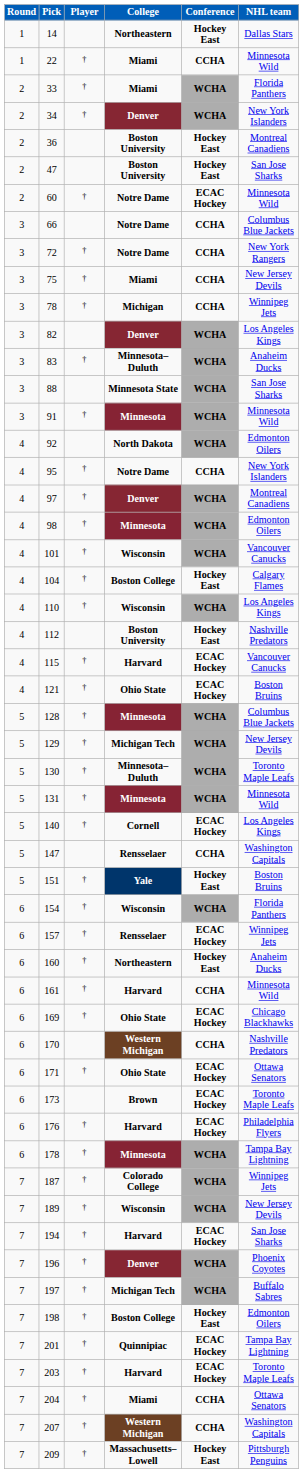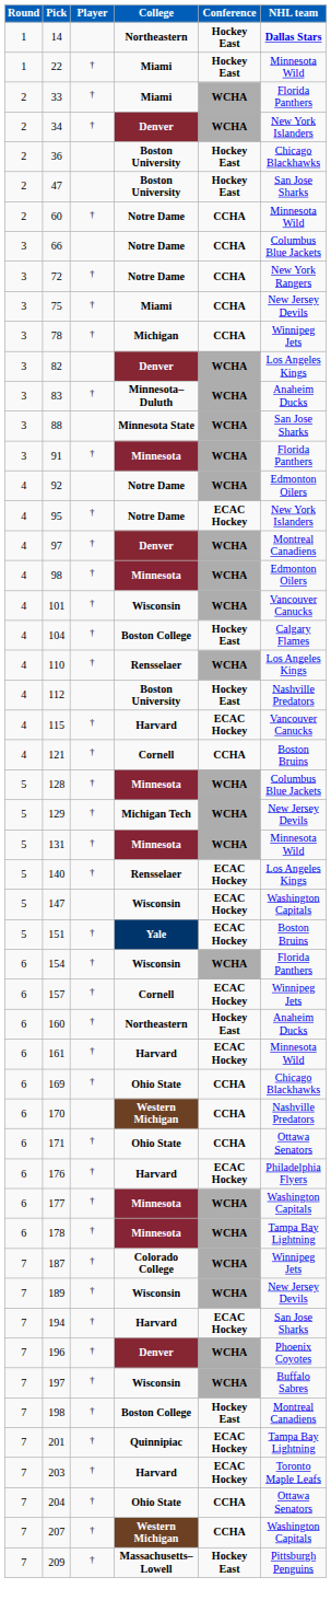 <table class="wikitable sortable" width="75%">
 <tr>
 <th style="color:white; background-color:#005EB8; width: 4em;">Round</th>
 <th style="color:white; background-color:#005EB8; width: 4em;">Pick</th>
 <th style="color:white; background-color:#005EB8; width: 12em;">Player</th>
 <th style="color:white; background-color:#005EB8; width: 13em;">College</th>
 <th style="color:white; background-color:#005EB8; width: 9em;">Conference</th>
 <th style="color:white; background-color:#005EB8; width: 11em;">NHL team</th>
 </tr>
 <tr align="center" bgcolor="">
 <td>1</td>
 <td>14</td>
 <td></td>
 <td><strong>Northeastern</strong></td>
 <td><strong>Hockey East</strong></td>
-<td><a href='#'>Dallas Stars</a></td>
+<td><strong><a href='#'>Dallas Stars</a></strong></td>
 </tr>
 <tr align="center" bgcolor="">
 <td>1</td>
 <td>22</td>
 <td> <sup>†</sup></td>
 <td><strong>Miami</strong></td>
-<td><strong>CCHA</strong></td>
+<td><strong>Hockey East</strong></td>
 <td><a href='#'>Minnesota Wild</a></td>
 </tr>
 <tr align="center" bgcolor="">
 <td>2</td>
 <td>33</td>
 <td> <sup>†</sup></td>
 <td><strong>Miami</strong></td>
 <td style="color:black; background:#ADADAD; "><strong>WCHA</strong></td>
 <td><a href='#'>Florida Panthers</a></td>
 </tr>
 <tr align="center" bgcolor="">
 <td>2</td>
 <td>34</td>
 <td> <sup>†</sup></td>
 <td style="color:white; background:#862633; "><strong>Denver</strong></td>
 <td style="color:black; background:#ADADAD; "><strong>WCHA</strong></td>
 <td><a href='#'>New York Islanders</a></td>
 </tr>
 <tr align="center" bgcolor="">
 <td>2</td>
 <td>36</td>
 <td></td>
 <td><strong>Boston University</strong></td>
 <td><strong>Hockey East</strong></td>
-<td><a href='#'>Montreal Canadiens</a></td>
+<td><a href='#'>Chicago Blackhawks</a></td>
 </tr>
 <tr align="center" bgcolor="">
 <td>2</td>
 <td>47</td>
 <td></td>
 <td><strong>Boston University</strong></td>
 <td><strong>Hockey East</strong></td>
 <td><a href='#'>San Jose Sharks</a></td>
 </tr>
 <tr align="center" bgcolor="">
 <td>2</td>
 <td>60</td>
 <td> <sup>†</sup></td>
 <td><strong>Notre Dame</strong></td>
-<td><strong>ECAC Hockey</strong></td>
+<td><strong>CCHA</strong></td>
 <td><a href='#'>Minnesota Wild</a></td>
 </tr>
 <tr align="center" bgcolor="">
 <td>3</td>
 <td>66</td>
 <td></td>
 <td><strong>Notre Dame</strong></td>
 <td><strong>CCHA</strong></td>
 <td><a href='#'>Columbus Blue Jackets</a></td>
 </tr>
 <tr align="center" bgcolor="">
 <td>3</td>
 <td>72</td>
 <td> <sup>†</sup></td>
 <td><strong>Notre Dame</strong></td>
 <td><strong>CCHA</strong></td>
 <td><a href='#'>New York Rangers</a></td>
 </tr>
 <tr align="center" bgcolor="">
 <td>3</td>
 <td>75</td>
 <td> <sup>†</sup></td>
 <td><strong>Miami</strong></td>
 <td><strong>CCHA</strong></td>
 <td><a href='#'>New Jersey Devils</a></td>
 </tr>
 <tr align="center" bgcolor="">
 <td>3</td>
 <td>78</td>
 <td> <sup>†</sup></td>
 <td><strong>Michigan</strong></td>
 <td><strong>CCHA</strong></td>
 <td><a href='#'>Winnipeg Jets</a></td>
 </tr>
 <tr align="center" bgcolor="">
 <td>3</td>
 <td>82</td>
 <td></td>
 <td style="color:white; background:#862633; "><strong>Denver</strong></td>
 <td style="color:black; background:#ADADAD; "><strong>WCHA</strong></td>
 <td><a href='#'>Los Angeles Kings</a></td>
 </tr>
 <tr align="center" bgcolor="">
 <td>3</td>
 <td>83</td>
 <td> <sup>†</sup></td>
 <td><strong>Minnesota–Duluth</strong></td>
 <td style="color:black; background:#ADADAD; "><strong>WCHA</strong></td>
 <td><a href='#'>Anaheim Ducks</a></td>
 </tr>
 <tr align="center" bgcolor="">
 <td>3</td>
 <td>88</td>
 <td></td>
 <td><strong>Minnesota State</strong></td>
 <td style="color:black; background:#ADADAD; "><strong>WCHA</strong></td>
 <td><a href='#'>San Jose Sharks</a></td>
 </tr>
 <tr align="center" bgcolor="">
 <td>3</td>
 <td>91</td>
 <td> <sup>†</sup></td>
 <td style="color:white; background:#862334; "><strong>Minnesota</strong></td>
 <td style="color:black; background:#ADADAD; "><strong>WCHA</strong></td>
-<td><a href='#'>Minnesota Wild</a></td>
+<td><a href='#'>Florida Panthers</a></td>
 </tr>
 <tr align="center" bgcolor="">
 <td>4</td>
 <td>92</td>
 <td></td>
-<td><strong>North Dakota</strong></td>
+<td><strong>Notre Dame</strong></td>
 <td style="color:black; background:#ADADAD; "><strong>WCHA</strong></td>
 <td><a href='#'>Edmonton Oilers</a></td>
 </tr>
 <tr align="center" bgcolor="">
 <td>4</td>
 <td>95</td>
 <td> <sup>†</sup></td>
 <td><strong>Notre Dame</strong></td>
-<td><strong>CCHA</strong></td>
+<td><strong>ECAC Hockey</strong></td>
 <td><a href='#'>New York Islanders</a></td>
 </tr>
 <tr align="center" bgcolor="">
 <td>4</td>
 <td>97</td>
 <td> <sup>†</sup></td>
 <td style="color:white; background:#862633; "><strong>Denver</strong></td>
 <td style="color:black; background:#ADADAD; "><strong>WCHA</strong></td>
 <td><a href='#'>Montreal Canadiens</a></td>
 </tr>
 <tr align="center" bgcolor="">
 <td>4</td>
 <td>98</td>
 <td> <sup>†</sup></td>
 <td style="color:white; background:#862334; "><strong>Minnesota</strong></td>
 <td style="color:black; background:#ADADAD; "><strong>WCHA</strong></td>
 <td><a href='#'>Edmonton Oilers</a></td>
 </tr>
 <tr align="center" bgcolor="">
 <td>4</td>
 <td>101</td>
 <td> <sup>†</sup></td>
 <td><strong>Wisconsin</strong></td>
 <td style="color:black; background:#ADADAD; "><strong>WCHA</strong></td>
 <td><a href='#'>Vancouver Canucks</a></td>
 </tr>
 <tr align="center" bgcolor="">
 <td>4</td>
 <td>104</td>
 <td> <sup>†</sup></td>
 <td><strong>Boston College</strong></td>
 <td><strong>Hockey East</strong></td>
 <td><a href='#'>Calgary Flames</a></td>
 </tr>
 <tr align="center" bgcolor="">
 <td>4</td>
 <td>110</td>
 <td> <sup>†</sup></td>
-<td><strong>Wisconsin</strong></td>
+<td><strong>Rensselaer</strong></td>
 <td style="color:black; background:#ADADAD; "><strong>WCHA</strong></td>
 <td><a href='#'>Los Angeles Kings</a></td>
 </tr>
 <tr align="center" bgcolor="">
 <td>4</td>
 <td>112</td>
 <td></td>
 <td><strong>Boston University</strong></td>
 <td><strong>Hockey East</strong></td>
 <td><a href='#'>Nashville Predators</a></td>
 </tr>
 <tr align="center" bgcolor="">
 <td>4</td>
 <td>115</td>
 <td> <sup>†</sup></td>
 <td><strong>Harvard</strong></td>
 <td><strong>ECAC Hockey</strong></td>
 <td><a href='#'>Vancouver Canucks</a></td>
 </tr>
 <tr align="center" bgcolor="">
 <td>4</td>
 <td>121</td>
 <td> <sup>†</sup></td>
-<td><strong>Ohio State</strong></td>
-<td><strong>ECAC Hockey</strong></td>
+<td><strong>Cornell</strong></td>
+<td><strong>CCHA</strong></td>
 <td><a href='#'>Boston Bruins</a></td>
 </tr>
 <tr align="center" bgcolor="">
 <td>5</td>
 <td>128</td>
 <td> <sup>†</sup></td>
 <td style="color:white; background:#862334; "><strong>Minnesota</strong></td>
 <td style="color:black; background:#ADADAD; "><strong>WCHA</strong></td>
 <td><a href='#'>Columbus Blue Jackets</a></td>
 </tr>
 <tr align="center" bgcolor="">
 <td>5</td>
 <td>129</td>
 <td> <sup>†</sup></td>
 <td><strong>Michigan Tech</strong></td>
 <td style="color:black; background:#ADADAD; "><strong>WCHA</strong></td>
 <td><a href='#'>New Jersey Devils</a></td>
 </tr>
 <tr align="center" bgcolor="">
 <td>5</td>
-<td>130</td>
-<td> <sup>†</sup></td>
-<td><strong>Minnesota–Duluth</strong></td>
-<td style="color:black; background:#ADADAD; "><strong>WCHA</strong></td>
-<td><a href='#'>Toronto Maple Leafs</a></td>
-</tr>
-<tr align="center" bgcolor="">
-<td>5</td>
 <td>131</td>
 <td> <sup>†</sup></td>
 <td style="color:white; background:#862334; "><strong>Minnesota</strong></td>
 <td style="color:black; background:#ADADAD; "><strong>WCHA</strong></td>
 <td><a href='#'>Minnesota Wild</a></td>
 </tr>
 <tr align="center" bgcolor="">
 <td>5</td>
 <td>140</td>
 <td> <sup>†</sup></td>
-<td><strong>Cornell</strong></td>
+<td><strong>Rensselaer</strong></td>
 <td><strong>ECAC Hockey</strong></td>
 <td><a href='#'>Los Angeles Kings</a></td>
 </tr>
 <tr align="center" bgcolor="">
 <td>5</td>
 <td>147</td>
 <td></td>
-<td><strong>Rensselaer</strong></td>
-<td><strong>CCHA</strong></td>
+<td><strong>Wisconsin</strong></td>
+<td><strong>ECAC Hockey</strong></td>
 <td><a href='#'>Washington Capitals</a></td>
 </tr>
 <tr align="center" bgcolor="">
 <td>5</td>
 <td>151</td>
 <td> <sup>†</sup></td>
 <td style="color:white; background:#00356B"><strong>Yale</strong></td>
-<td><strong>Hockey East</strong></td>
+<td><strong>ECAC Hockey</strong></td>
 <td><a href='#'>Boston Bruins</a></td>
 </tr>
 <tr align="center" bgcolor="">
 <td>6</td>
 <td>154</td>
 <td> <sup>†</sup></td>
 <td><strong>Wisconsin</strong></td>
 <td style="color:black; background:#ADADAD; "><strong>WCHA</strong></td>
 <td><a href='#'>Florida Panthers</a></td>
 </tr>
 <tr align="center" bgcolor="">
 <td>6</td>
 <td>157</td>
 <td> <sup>†</sup></td>
-<td><strong>Rensselaer</strong></td>
+<td><strong>Cornell</strong></td>
 <td><strong>ECAC Hockey</strong></td>
 <td><a href='#'>Winnipeg Jets</a></td>
 </tr>
 <tr align="center" bgcolor="">
 <td>6</td>
 <td>160</td>
 <td> <sup>†</sup></td>
 <td><strong>Northeastern</strong></td>
 <td><strong>Hockey East</strong></td>
 <td><a href='#'>Anaheim Ducks</a></td>
 </tr>
 <tr align="center" bgcolor="">
 <td>6</td>
 <td>161</td>
 <td> <sup>†</sup></td>
 <td><strong>Harvard</strong></td>
-<td><strong>CCHA</strong></td>
+<td><strong>ECAC Hockey</strong></td>
 <td><a href='#'>Minnesota Wild</a></td>
 </tr>
 <tr align="center" bgcolor="">
 <td>6</td>
 <td>169</td>
 <td> <sup>†</sup></td>
 <td><strong>Ohio State</strong></td>
-<td><strong>ECAC Hockey</strong></td>
+<td><strong>CCHA</strong></td>
 <td><a href='#'>Chicago Blackhawks</a></td>
 </tr>
 <tr align="center" bgcolor="">
 <td>6</td>
 <td>170</td>
 <td></td>
 <td style="color:white; background:#6C4023; "><strong>Western Michigan</strong></td>
 <td><strong>CCHA</strong></td>
 <td><a href='#'>Nashville Predators</a></td>
 </tr>
 <tr align="center" bgcolor="">
 <td>6</td>
 <td>171</td>
 <td> <sup>†</sup></td>
 <td><strong>Ohio State</strong></td>
-<td><strong>ECAC Hockey</strong></td>
+<td><strong>CCHA</strong></td>
 <td><a href='#'>Ottawa Senators</a></td>
-</tr>
-<tr align="center" bgcolor="">
-<td>6</td>
-<td>173</td>
-<td></td>
-<td><strong>Brown</strong></td>
-<td><strong>ECAC Hockey</strong></td>
-<td><a href='#'>Toronto Maple Leafs</a></td>
 </tr>
 <tr align="center" bgcolor="">
 <td>6</td>
 <td>176</td>
 <td> <sup>†</sup></td>
 <td><strong>Harvard</strong></td>
 <td><strong>ECAC Hockey</strong></td>
 <td><a href='#'>Philadelphia Flyers</a></td>
+</tr>
+<tr align="center" bgcolor="">
+<td>6</td>
+<td>177</td>
+<td> <sup>†</sup></td>
+<td style="color:white; background:#862334; "><strong>Minnesota</strong></td>
+<td style="color:black; background:#ADADAD; "><strong>WCHA</strong></td>
+<td><a href='#'>Washington Capitals</a></td>
 </tr>
 <tr align="center" bgcolor="">
 <td>6</td>
 <td>178</td>
 <td> <sup>†</sup></td>
 <td style="color:white; background:#862334; "><strong>Minnesota</strong></td>
 <td style="color:black; background:#ADADAD; "><strong>WCHA</strong></td>
 <td><a href='#'>Tampa Bay Lightning</a></td>
 </tr>
 <tr align="center" bgcolor="">
 <td>7</td>
 <td>187</td>
 <td> <sup>†</sup></td>
 <td><strong>Colorado College</strong></td>
 <td style="color:black; background:#ADADAD; "><strong>WCHA</strong></td>
 <td><a href='#'>Winnipeg Jets</a></td>
 </tr>
 <tr align="center" bgcolor="">
 <td>7</td>
 <td>189</td>
 <td> <sup>†</sup></td>
 <td><strong>Wisconsin</strong></td>
 <td style="color:black; background:#ADADAD; "><strong>WCHA</strong></td>
 <td><a href='#'>New Jersey Devils</a></td>
 </tr>
 <tr align="center" bgcolor="">
 <td>7</td>
 <td>194</td>
 <td> <sup>†</sup></td>
 <td><strong>Harvard</strong></td>
 <td><strong>ECAC Hockey</strong></td>
 <td><a href='#'>San Jose Sharks</a></td>
 </tr>
 <tr align="center" bgcolor="">
 <td>7</td>
 <td>196</td>
 <td> <sup>†</sup></td>
 <td style="color:white; background:#862633; "><strong>Denver</strong></td>
 <td style="color:black; background:#ADADAD; "><strong>WCHA</strong></td>
 <td><a href='#'>Phoenix Coyotes</a></td>
 </tr>
 <tr align="center" bgcolor="">
 <td>7</td>
 <td>197</td>
 <td> <sup>†</sup></td>
-<td><strong>Michigan Tech</strong></td>
+<td><strong>Wisconsin</strong></td>
 <td style="color:black; background:#ADADAD; "><strong>WCHA</strong></td>
 <td><a href='#'>Buffalo Sabres</a></td>
 </tr>
 <tr align="center" bgcolor="">
 <td>7</td>
 <td>198</td>
 <td> <sup>†</sup></td>
 <td><strong>Boston College</strong></td>
 <td><strong>Hockey East</strong></td>
-<td><a href='#'>Edmonton Oilers</a></td>
+<td><a href='#'>Montreal Canadiens</a></td>
 </tr>
 <tr align="center" bgcolor="">
 <td>7</td>
 <td>201</td>
 <td> <sup>†</sup></td>
 <td><strong>Quinnipiac</strong></td>
 <td><strong>ECAC Hockey</strong></td>
 <td><a href='#'>Tampa Bay Lightning</a></td>
 </tr>
 <tr align="center" bgcolor="">
 <td>7</td>
 <td>203</td>
 <td> <sup>†</sup></td>
 <td><strong>Harvard</strong></td>
 <td><strong>ECAC Hockey</strong></td>
 <td><a href='#'>Toronto Maple Leafs</a></td>
 </tr>
 <tr align="center" bgcolor="">
 <td>7</td>
 <td>204</td>
 <td> <sup>†</sup></td>
-<td><strong>Miami</strong></td>
+<td><strong>Ohio State</strong></td>
 <td><strong>CCHA</strong></td>
 <td><a href='#'>Ottawa Senators</a></td>
 </tr>
 <tr align="center" bgcolor="">
 <td>7</td>
 <td>207</td>
 <td> <sup>†</sup></td>
 <td style="color:white; background:#6C4023; "><strong>Western Michigan</strong></td>
 <td><strong>CCHA</strong></td>
 <td><a href='#'>Washington Capitals</a></td>
 </tr>
 <tr align="center" bgcolor="">
 <td>7</td>
 <td>209</td>
 <td> <sup>†</sup></td>
 <td><strong>Massachusetts–Lowell</strong></td>
 <td><strong>Hockey East</strong></td>
 <td><a href='#'>Pittsburgh Penguins</a></td>
 </tr>
 </table>
